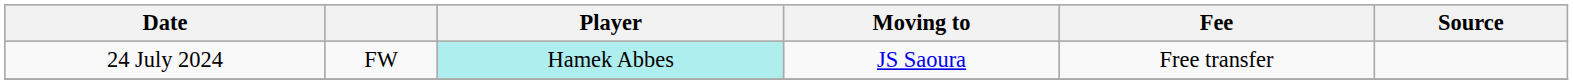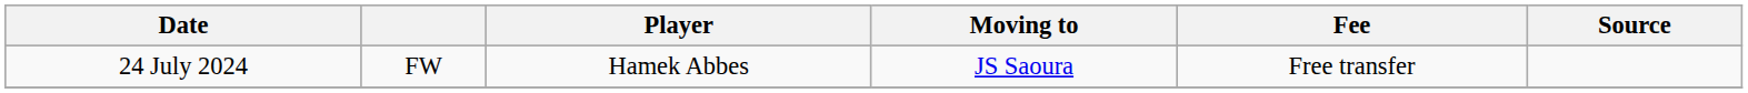 <table class="wikitable sortable" style="width:75%; text-align:center; font-size:85%; text-align:centre;">
 <tr>
 <th>Date</th>
 <th></th>
 <th>Player</th>
 <th>Moving to</th>
 <th>Fee</th>
 <th>Source</th>
 </tr>
 <tr>
 <td>24 July 2024</td>
 <td>FW</td>
-<td style="background: paleturquoise;"> Hamek Abbes</td>
+<td> Hamek Abbes</td>
 <td><a href='#'>JS Saoura</a></td>
 <td>Free transfer</td>
 <td></td>
 </tr>
 <tr>
 </tr>
 </table>
